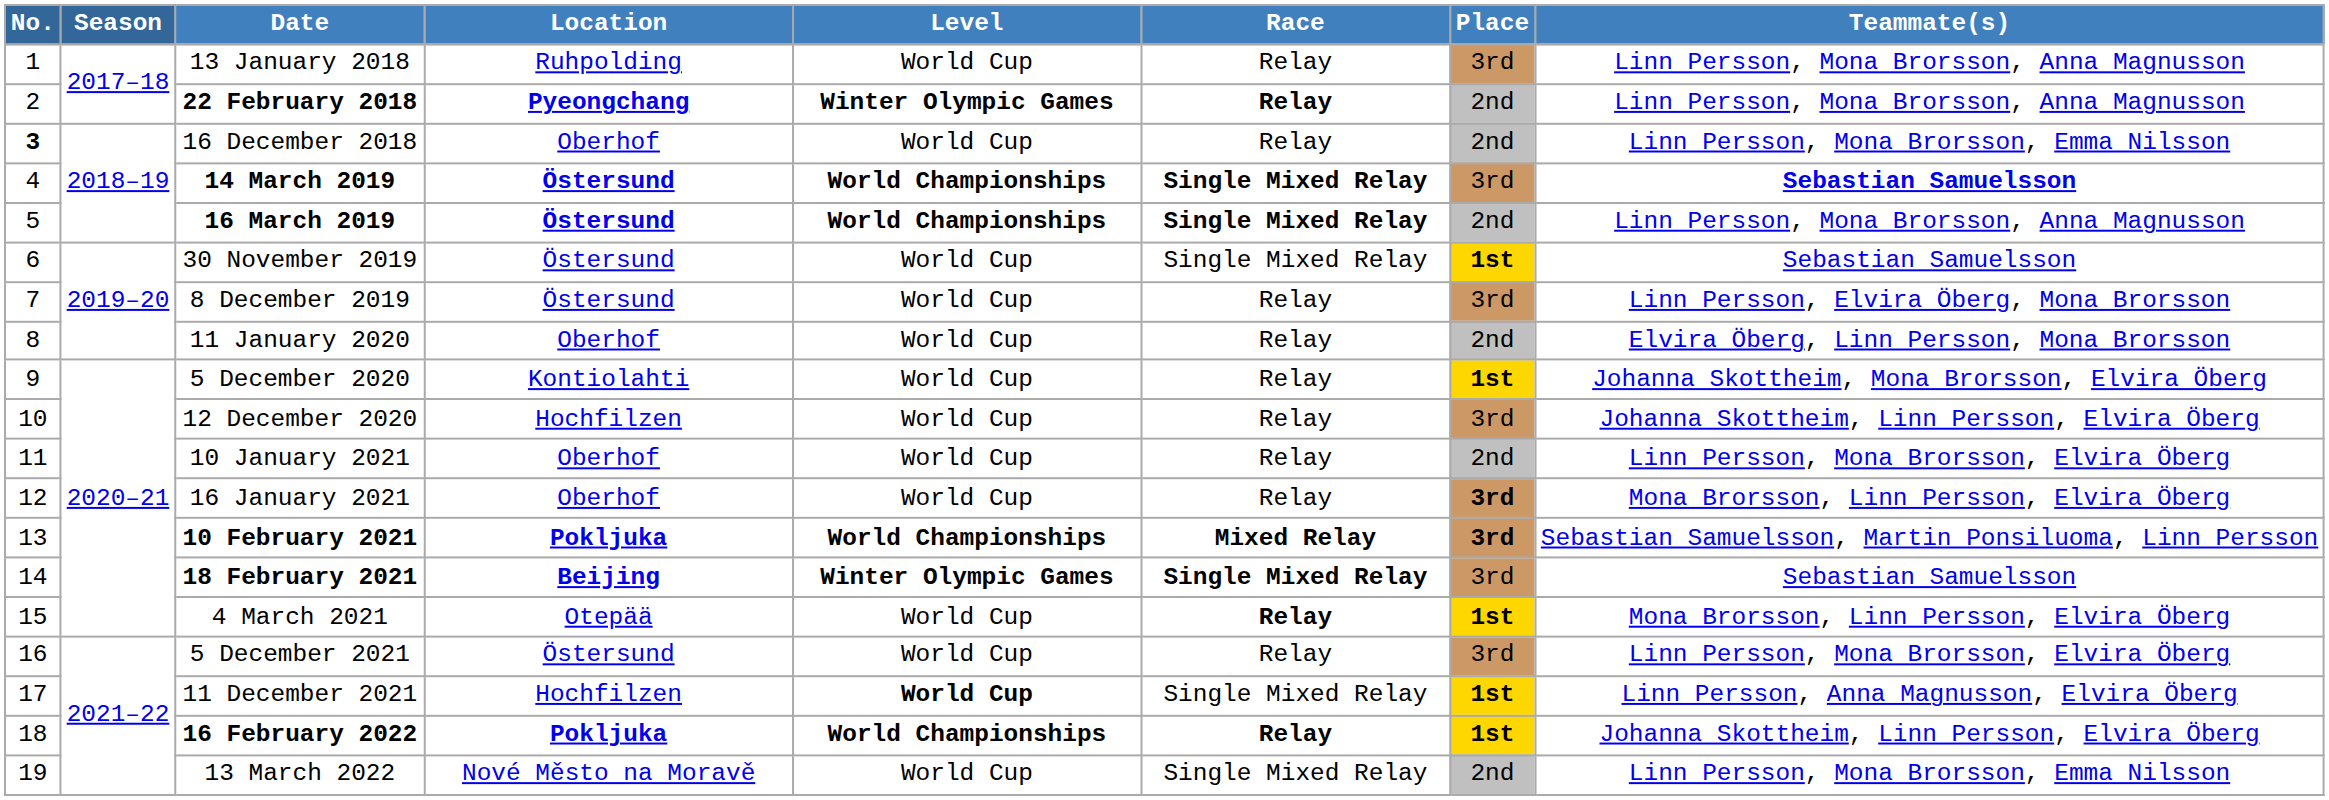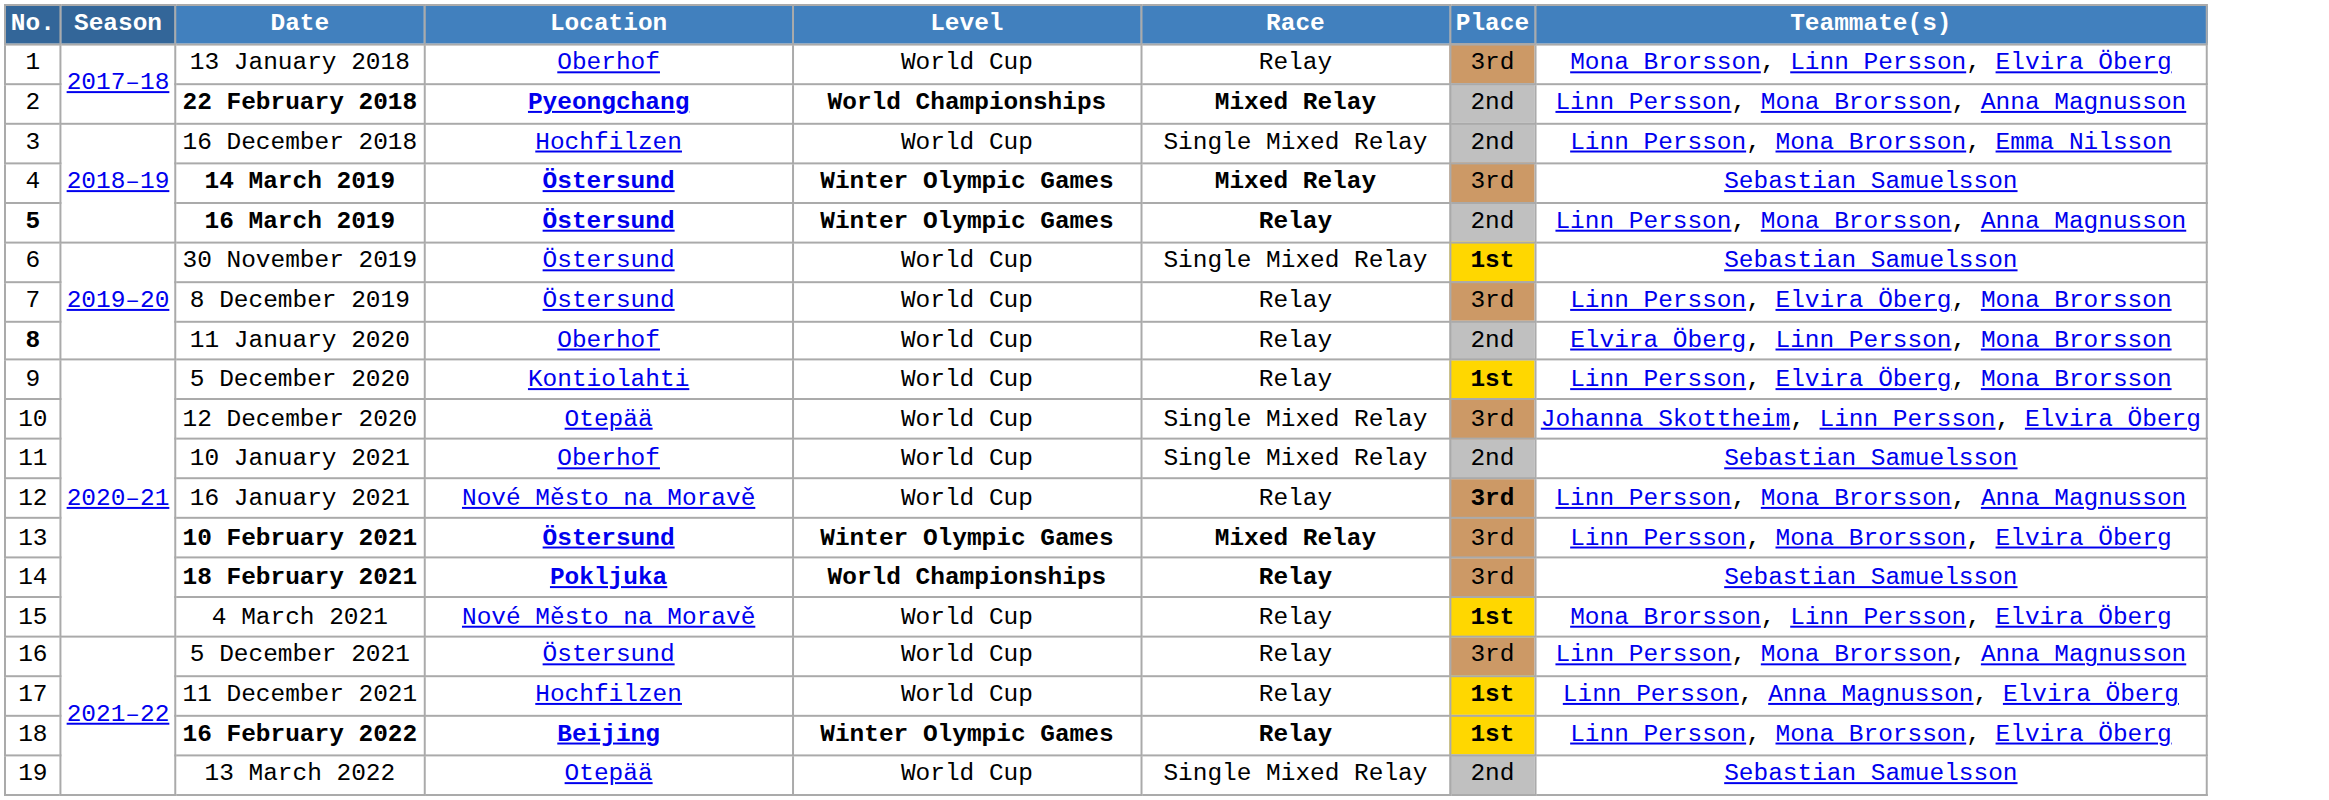 <table class="wikitable sortable" style="font-size:95%; text-align:center; border:grey solid 1px; border-collapse:collapse; background:#ffffff;">
 <tr style="background:#efefef;">
 <th style="background-color:#369; color:white;">No.</th>
 <th style="background-color:#369; color:white;">Season</th>
 <th style="background-color:#4180be; color:white; width:120px;">Date</th>
 <th style="background-color:#4180be; color:white; width:180px;">Location</th>
 <th style="background-color:#4180be; color:white; width:170px;">Level</th>
 <th style="background-color:#4180be; color:white; width:150px;">Race</th>
 <th style="background-color:#4180be; color:white;">Place</th>
 <th style="background-color:#4180be; color:white;">Teammate(s)</th>
 </tr>
 <tr>
 <td align=center>1</td>
 <td rowspan=2><a href='#'>2017–18</a></td>
 <td>13 January 2018</td>
-<td> <a href='#'>Ruhpolding</a></td>
+<td> <a href='#'>Oberhof</a></td>
 <td>World Cup</td>
 <td>Relay</td>
 <td bgcolor="cc9966">3rd</td>
-<td><a href='#'>Linn Persson</a>, <a href='#'>Mona Brorsson</a>, <a href='#'>Anna Magnusson</a></td>
+<td><a href='#'>Mona Brorsson</a>, <a href='#'>Linn Persson</a>, <a href='#'>Elvira Öberg</a></td>
 </tr>
 <tr>
 <td align=center>2</td>
 <td><strong>22 February 2018</strong></td>
 <td> <strong><a href='#'>Pyeongchang</a></strong></td>
-<td><strong>Winter Olympic Games</strong></td>
-<td><strong>Relay</strong></td>
+<td><strong>World Championships</strong></td>
+<td><strong> Mixed Relay</strong></td>
 <td bgcolor="silver">2nd</td>
 <td><a href='#'>Linn Persson</a>, <a href='#'>Mona Brorsson</a>, <a href='#'>Anna Magnusson</a></td>
 </tr>
 <tr>
-<td align=center><strong>3</strong></td>
+<td align=center>3</td>
 <td rowspan=3><a href='#'>2018–19</a></td>
 <td>16 December 2018</td>
-<td> <a href='#'>Oberhof</a></td>
+<td> <a href='#'>Hochfilzen</a></td>
 <td>World Cup</td>
-<td>Relay</td>
+<td>Single Mixed Relay</td>
 <td bgcolor="silver">2nd</td>
 <td><a href='#'>Linn Persson</a>, <a href='#'>Mona Brorsson</a>, <a href='#'>Emma Nilsson</a></td>
 </tr>
 <tr>
 <td align=center>4</td>
 <td><strong>14 March 2019</strong></td>
 <td> <strong><a href='#'>Östersund</a></strong></td>
-<td><strong>World Championships</strong></td>
-<td><strong>Single Mixed Relay</strong></td>
+<td><strong>Winter Olympic Games</strong></td>
+<td><strong> Mixed Relay</strong></td>
 <td bgcolor="cc9966">3rd</td>
-<td><strong><a href='#'>Sebastian Samuelsson</a></strong></td>
+<td><a href='#'>Sebastian Samuelsson</a></td>
 </tr>
 <tr>
-<td align=center>5</td>
+<td align=center><strong>5</strong></td>
 <td><strong>16 March 2019</strong></td>
 <td> <strong><a href='#'>Östersund</a></strong></td>
-<td><strong>World Championships</strong></td>
-<td><strong>Single Mixed Relay</strong></td>
+<td><strong>Winter Olympic Games</strong></td>
+<td><strong>Relay</strong></td>
 <td bgcolor="silver">2nd</td>
 <td><a href='#'>Linn Persson</a>, <a href='#'>Mona Brorsson</a>, <a href='#'>Anna Magnusson</a></td>
 </tr>
 <tr>
 <td align=center>6</td>
 <td rowspan=3><a href='#'>2019–20</a></td>
 <td>30 November 2019</td>
 <td> <a href='#'>Östersund</a></td>
 <td>World Cup</td>
 <td>Single Mixed Relay</td>
 <td bgcolor="gold"><strong>1st</strong></td>
 <td><a href='#'>Sebastian Samuelsson</a></td>
 </tr>
 <tr>
 <td align=center>7</td>
 <td>8 December 2019</td>
 <td> <a href='#'>Östersund</a></td>
 <td>World Cup</td>
 <td>Relay</td>
 <td bgcolor="cc9966">3rd</td>
 <td><a href='#'>Linn Persson</a>, <a href='#'>Elvira Öberg</a>, <a href='#'>Mona Brorsson</a></td>
 </tr>
 <tr>
-<td align=center>8</td>
+<td align=center><strong>8</strong></td>
 <td>11 January 2020</td>
 <td> <a href='#'>Oberhof</a></td>
 <td>World Cup</td>
 <td>Relay</td>
 <td bgcolor="silver">2nd</td>
 <td><a href='#'>Elvira Öberg</a>, <a href='#'>Linn Persson</a>, <a href='#'>Mona Brorsson</a></td>
 </tr>
 <tr>
 <td align=center>9</td>
 <td rowspan=7><a href='#'>2020–21</a></td>
 <td>5 December 2020</td>
 <td> <a href='#'>Kontiolahti</a></td>
 <td>World Cup</td>
 <td>Relay</td>
 <td bgcolor="gold"><strong>1st</strong></td>
-<td><a href='#'>Johanna Skottheim</a>, <a href='#'>Mona Brorsson</a>, <a href='#'>Elvira Öberg</a></td>
+<td><a href='#'>Linn Persson</a>, <a href='#'>Elvira Öberg</a>, <a href='#'>Mona Brorsson</a></td>
 </tr>
 <tr>
 <td align=center>10</td>
 <td>12 December 2020</td>
-<td> <a href='#'>Hochfilzen</a></td>
+<td> <a href='#'>Otepää</a></td>
 <td>World Cup</td>
-<td>Relay</td>
+<td>Single Mixed Relay</td>
 <td bgcolor="cc9966">3rd</td>
 <td><a href='#'>Johanna Skottheim</a>, <a href='#'>Linn Persson</a>, <a href='#'>Elvira Öberg</a></td>
 </tr>
 <tr>
 <td align=center>11</td>
 <td>10 January 2021</td>
 <td> <a href='#'>Oberhof</a></td>
 <td>World Cup</td>
-<td>Relay</td>
+<td>Single Mixed Relay</td>
 <td bgcolor="silver">2nd</td>
-<td><a href='#'>Linn Persson</a>, <a href='#'>Mona Brorsson</a>, <a href='#'>Elvira Öberg</a></td>
+<td><a href='#'>Sebastian Samuelsson</a></td>
 </tr>
 <tr>
 <td align=center>12</td>
 <td>16 January 2021</td>
-<td> <a href='#'>Oberhof</a></td>
+<td> <a href='#'>Nové Město na Moravě</a></td>
 <td>World Cup</td>
 <td>Relay</td>
 <td bgcolor="cc9966"><strong>3rd</strong></td>
-<td><a href='#'>Mona Brorsson</a>, <a href='#'>Linn Persson</a>, <a href='#'>Elvira Öberg</a></td>
+<td><a href='#'>Linn Persson</a>, <a href='#'>Mona Brorsson</a>, <a href='#'>Anna Magnusson</a></td>
 </tr>
 <tr>
 <td align=center>13</td>
 <td><strong>10 February 2021</strong></td>
-<td> <strong><a href='#'>Pokljuka</a></strong></td>
-<td><strong>World Championships</strong></td>
+<td> <strong><a href='#'>Östersund</a></strong></td>
+<td><strong>Winter Olympic Games</strong></td>
 <td><strong> Mixed Relay</strong></td>
-<td bgcolor="cc9966"><strong>3rd</strong></td>
-<td><a href='#'>Sebastian Samuelsson</a>, <a href='#'>Martin Ponsiluoma</a>, <a href='#'>Linn Persson</a></td>
+<td bgcolor="cc9966">3rd</td>
+<td><a href='#'>Linn Persson</a>, <a href='#'>Mona Brorsson</a>, <a href='#'>Elvira Öberg</a></td>
 </tr>
 <tr>
 <td align=center>14</td>
 <td><strong>18 February 2021</strong></td>
-<td> <strong><a href='#'>Beijing</a></strong></td>
-<td><strong>Winter Olympic Games</strong></td>
-<td><strong>Single Mixed Relay</strong></td>
+<td> <strong><a href='#'>Pokljuka</a></strong></td>
+<td><strong>World Championships</strong></td>
+<td><strong>Relay</strong></td>
 <td bgcolor="cc9966">3rd</td>
 <td><a href='#'>Sebastian Samuelsson</a></td>
 </tr>
 <tr>
 <td align=center>15</td>
 <td>4 March 2021</td>
-<td> <a href='#'>Otepää</a></td>
+<td> <a href='#'>Nové Město na Moravě</a></td>
 <td>World Cup</td>
-<td><strong>Relay</strong></td>
+<td>Relay</td>
 <td bgcolor="gold"><strong>1st</strong></td>
 <td><a href='#'>Mona Brorsson</a>, <a href='#'>Linn Persson</a>, <a href='#'>Elvira Öberg</a></td>
 </tr>
 <tr>
 <td align=center>16</td>
 <td rowspan=4><a href='#'>2021–22</a></td>
 <td>5 December 2021</td>
 <td> <a href='#'>Östersund</a></td>
 <td>World Cup</td>
 <td>Relay</td>
 <td bgcolor="cc9966">3rd</td>
-<td><a href='#'>Linn Persson</a>, <a href='#'>Mona Brorsson</a>, <a href='#'>Elvira Öberg</a></td>
+<td><a href='#'>Linn Persson</a>, <a href='#'>Mona Brorsson</a>, <a href='#'>Anna Magnusson</a></td>
 </tr>
 <tr>
 <td align=center>17</td>
 <td>11 December 2021</td>
 <td> <a href='#'>Hochfilzen</a></td>
-<td><strong>World Cup</strong></td>
-<td>Single Mixed Relay</td>
+<td>World Cup</td>
+<td>Relay</td>
 <td bgcolor="gold"><strong>1st</strong></td>
 <td><a href='#'>Linn Persson</a>, <a href='#'>Anna Magnusson</a>, <a href='#'>Elvira Öberg</a></td>
 </tr>
 <tr>
 <td align=center>18</td>
 <td><strong>16 February 2022</strong></td>
-<td> <strong><a href='#'>Pokljuka</a></strong></td>
-<td><strong>World Championships</strong></td>
+<td> <strong><a href='#'>Beijing</a></strong></td>
+<td><strong>Winter Olympic Games</strong></td>
 <td><strong>Relay</strong></td>
 <td bgcolor="gold"><strong>1st</strong></td>
-<td><a href='#'>Johanna Skottheim</a>, <a href='#'>Linn Persson</a>, <a href='#'>Elvira Öberg</a></td>
+<td><a href='#'>Linn Persson</a>, <a href='#'>Mona Brorsson</a>, <a href='#'>Elvira Öberg</a></td>
 </tr>
 <tr>
 <td align=center>19</td>
 <td>13 March 2022</td>
-<td> <a href='#'>Nové Město na Moravě</a></td>
+<td> <a href='#'>Otepää</a></td>
 <td>World Cup</td>
 <td>Single Mixed Relay</td>
 <td bgcolor="silver">2nd</td>
-<td><a href='#'>Linn Persson</a>, <a href='#'>Mona Brorsson</a>, <a href='#'>Emma Nilsson</a></td>
+<td><a href='#'>Sebastian Samuelsson</a></td>
 </tr>
 </table>
